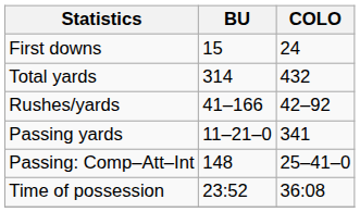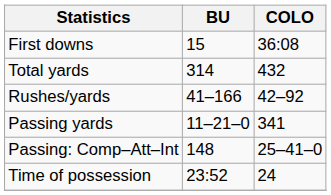 <table class="wikitable" style="float: left;">
 <tr>
 <th>Statistics</th>
 <th>BU</th>
 <th>COLO</th>
 </tr>
 <tr>
 <td>First downs</td>
 <td>15</td>
-<td>24</td>
+<td>36:08</td>
 </tr>
 <tr>
 <td>Total yards</td>
 <td>314</td>
 <td>432</td>
 </tr>
 <tr>
 <td>Rushes/yards</td>
 <td>41–166</td>
 <td>42–92</td>
 </tr>
 <tr>
 <td>Passing yards</td>
 <td>11–21–0</td>
 <td>341</td>
 </tr>
 <tr>
 <td>Passing: Comp–Att–Int</td>
 <td>148</td>
 <td>25–41–0</td>
 </tr>
 <tr>
 <td>Time of possession</td>
 <td>23:52</td>
-<td>36:08</td>
+<td>24</td>
 </tr>
 <tr>
 </tr>
 </table>
